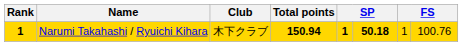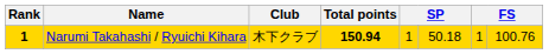 <table class="wikitable sortable">
 <tr>
 <th>Rank</th>
 <th>Name</th>
 <th>Club</th>
 <th>Total points</th>
 <th colspan="2" width="80px"><a href='#'>SP</a></th>
 <th colspan="2" width="80px"><a href='#'>FS</a></th>
 </tr>
 <tr bgcolor="gold">
 <td align="center"><strong>1</strong></td>
 <td><a href='#'>Narumi Takahashi</a> / <a href='#'>Ryuichi Kihara</a></td>
 <td>木下クラブ</td>
 <td align="center"><strong>150.94</strong></td>
-<td align="center"><strong>1</strong></td>
-<td align="center"><strong>50.18</strong></td>
+<td align="center">1</td>
+<td align="center">50.18</td>
 <td align="center">1</td>
 <td align="center">100.76</td>
 </tr>
 </table>
